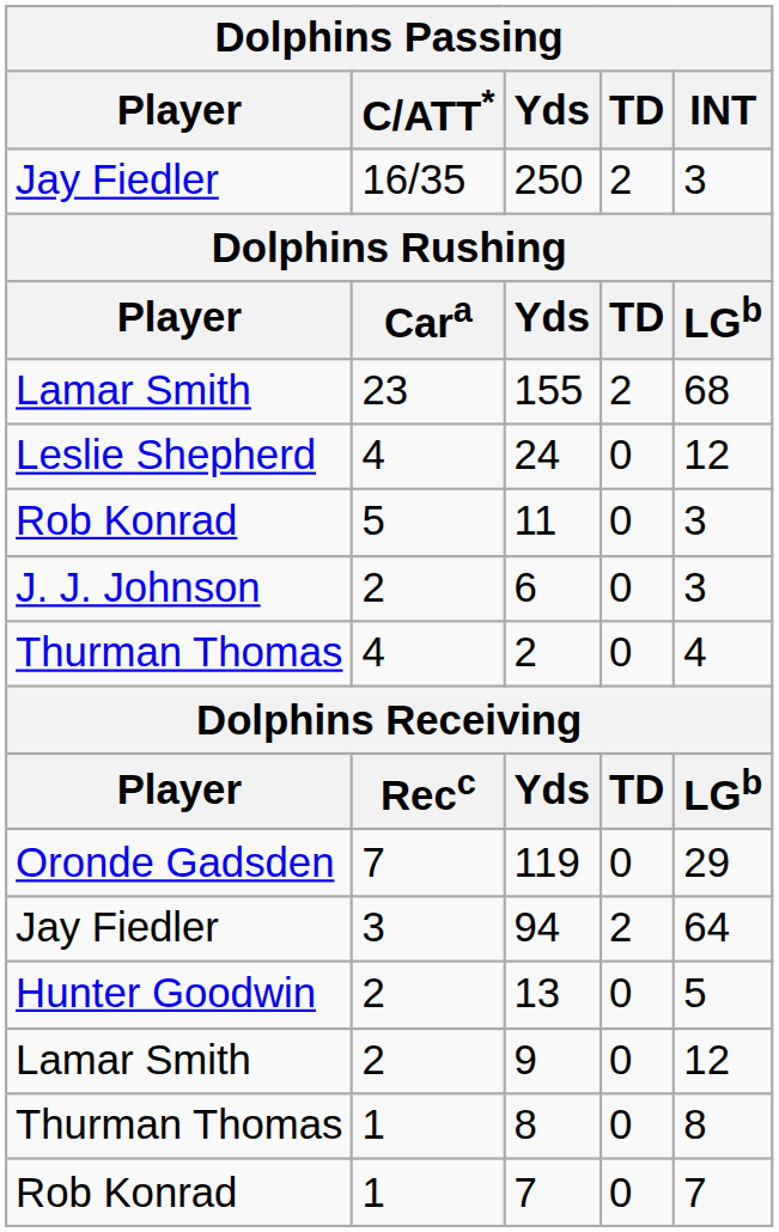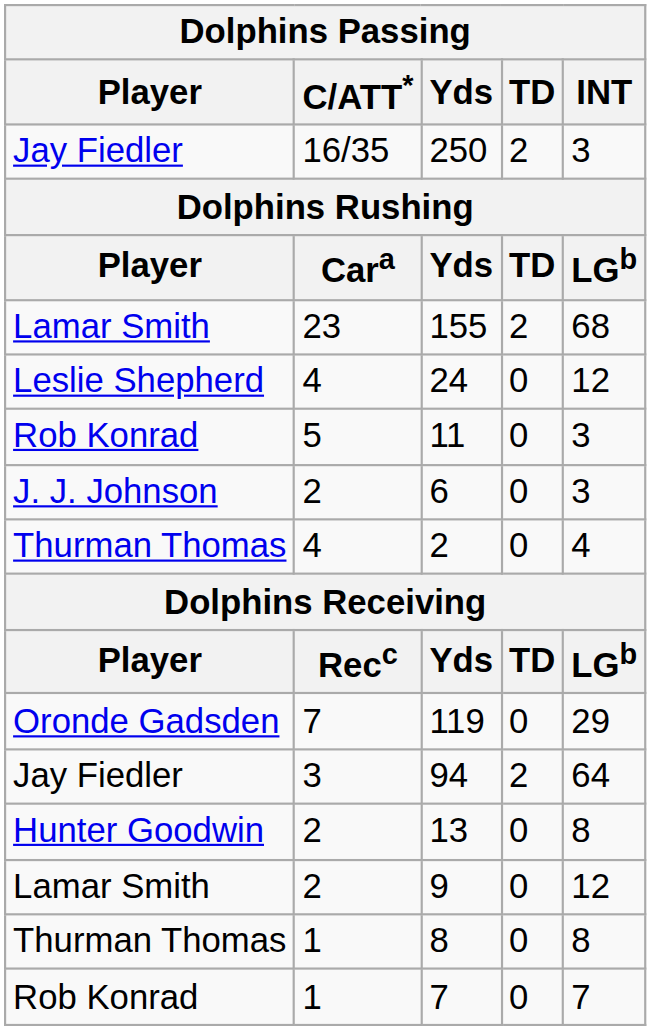 <table class="wikitable">
 <tr>
 <th colspan="5">Dolphins Passing</th>
 </tr>
 <tr>
 <th>Player</th>
 <th>C/ATT<sup>*</sup></th>
 <th>Yds</th>
 <th>TD</th>
 <th>INT</th>
 </tr>
 <tr>
 <td><a href='#'>Jay Fiedler</a></td>
 <td>16/35</td>
 <td>250</td>
 <td>2</td>
 <td>3</td>
 </tr>
 <tr>
 <th colspan="5">Dolphins Rushing</th>
 </tr>
 <tr>
 <th>Player</th>
 <th>Car<sup>a</sup></th>
 <th>Yds</th>
 <th>TD</th>
 <th>LG<sup>b</sup></th>
 </tr>
 <tr>
 <td><a href='#'>Lamar Smith</a></td>
 <td>23</td>
 <td>155</td>
 <td>2</td>
 <td>68</td>
 </tr>
 <tr>
 <td><a href='#'>Leslie Shepherd</a></td>
 <td>4</td>
 <td>24</td>
 <td>0</td>
 <td>12</td>
 </tr>
 <tr>
 <td><a href='#'>Rob Konrad</a></td>
 <td>5</td>
 <td>11</td>
 <td>0</td>
 <td>3</td>
 </tr>
 <tr>
 <td><a href='#'>J. J. Johnson</a></td>
 <td>2</td>
 <td>6</td>
 <td>0</td>
 <td>3</td>
 </tr>
 <tr>
 <td><a href='#'>Thurman Thomas</a></td>
 <td>4</td>
 <td>2</td>
 <td>0</td>
 <td>4</td>
 </tr>
 <tr>
 <th colspan="5">Dolphins Receiving</th>
 </tr>
 <tr>
 <th>Player</th>
 <th>Rec<sup>c</sup></th>
 <th>Yds</th>
 <th>TD</th>
 <th>LG<sup>b</sup></th>
 </tr>
 <tr>
 <td><a href='#'>Oronde Gadsden</a></td>
 <td>7</td>
 <td>119</td>
 <td>0</td>
 <td>29</td>
 </tr>
 <tr>
 <td>Jay Fiedler</td>
 <td>3</td>
 <td>94</td>
 <td>2</td>
 <td>64</td>
 </tr>
 <tr>
 <td><a href='#'>Hunter Goodwin</a></td>
 <td>2</td>
 <td>13</td>
 <td>0</td>
-<td>5</td>
+<td>8</td>
 </tr>
 <tr>
 <td>Lamar Smith</td>
 <td>2</td>
 <td>9</td>
 <td>0</td>
 <td>12</td>
 </tr>
 <tr>
 <td>Thurman Thomas</td>
 <td>1</td>
 <td>8</td>
 <td>0</td>
 <td>8</td>
 </tr>
 <tr>
 <td>Rob Konrad</td>
 <td>1</td>
 <td>7</td>
 <td>0</td>
 <td>7</td>
 </tr>
 </table>
